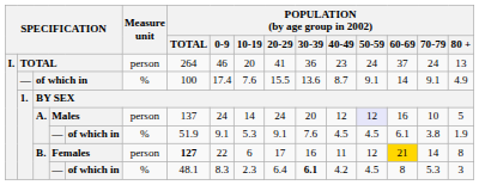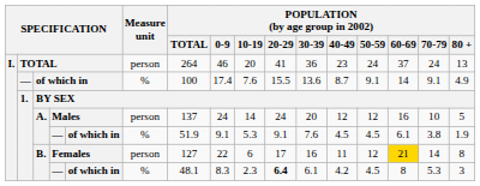 <table class="wikitable" style="font-size:85%; text-align:center">
 <tr>
 <th rowspan="2" colspan="5">SPECIFICATION</th>
 <th rowspan="2">Measure<br> unit</th>
 <th colspan="10" rowspan="1">POPULATION<br> (by age group in 2002)</th>
 </tr>
 <tr>
 <th>TOTAL</th>
 <th>0-9</th>
 <th>10-19</th>
 <th>20-29</th>
 <th>30-39</th>
 <th>40-49</th>
 <th>50-59</th>
 <th>60-69</th>
 <th>70-79</th>
 <th>80 +</th>
 </tr>
 <tr>
 <th style="text-align:left" valign="top" rowspan="7">I.</th>
 <th style="text-align:left" colspan="4">TOTAL</th>
 <td>person</td>
 <td>264</td>
 <td>46</td>
 <td>20</td>
 <td>41</td>
 <td>36</td>
 <td>23</td>
 <td>24</td>
 <td>37</td>
 <td>24</td>
 <td>13</td>
 </tr>
 <tr>
 <th style="text-align:left" valign="top">—</th>
 <th style="text-align:left" colspan="3">of which in</th>
 <td>%</td>
 <td>100</td>
 <td>17.4</td>
 <td>7.6</td>
 <td>15.5</td>
 <td>13.6</td>
 <td>8.7</td>
 <td>9.1</td>
 <td>14</td>
 <td>9.1</td>
 <td>4.9</td>
 </tr>
 <tr>
 <th style="text-align:left" valign="top" rowspan="5">1.</th>
 <th style="text-align:left" colspan="14">BY SEX</th>
 </tr>
 <tr>
 <th style="text-align:left" valign="top" rowspan="2">A.</th>
 <th style="text-align:left" colspan="2">Males</th>
 <td>person</td>
 <td>137</td>
 <td>24</td>
 <td>14</td>
 <td>24</td>
 <td>20</td>
 <td>12</td>
-<td style="background: lavender;">12</td>
+<td>12</td>
 <td>16</td>
 <td>10</td>
 <td>5</td>
 </tr>
 <tr>
 <th style="text-align:left" valign="top">—</th>
 <th style="text-align:left" colspan="1">of which in</th>
 <td>%</td>
 <td>51.9</td>
 <td>9.1</td>
 <td>5.3</td>
 <td>9.1</td>
 <td>7.6</td>
 <td>4.5</td>
 <td>4.5</td>
 <td>6.1</td>
 <td>3.8</td>
 <td>1.9</td>
 </tr>
 <tr>
 <th style="text-align:left" valign="top" rowspan="2">B.</th>
 <th style="text-align:left" colspan="2">Females</th>
 <td>person</td>
-<td><strong>127</strong></td>
+<td>127</td>
 <td>22</td>
 <td>6</td>
 <td>17</td>
 <td>16</td>
 <td>11</td>
 <td>12</td>
 <td style="background: gold;">21</td>
 <td>14</td>
 <td>8</td>
 </tr>
 <tr>
 <th style="text-align:left" valign="top">—</th>
 <th style="text-align:left" colspan="1">of which in</th>
 <td>%</td>
 <td>48.1</td>
 <td>8.3</td>
 <td>2.3</td>
-<td>6.4</td>
-<td><strong>6.1</strong></td>
+<td><strong>6.4</strong></td>
+<td>6.1</td>
 <td>4.2</td>
 <td>4.5</td>
 <td>8</td>
 <td>5.3</td>
 <td>3</td>
 </tr>
 </table>
